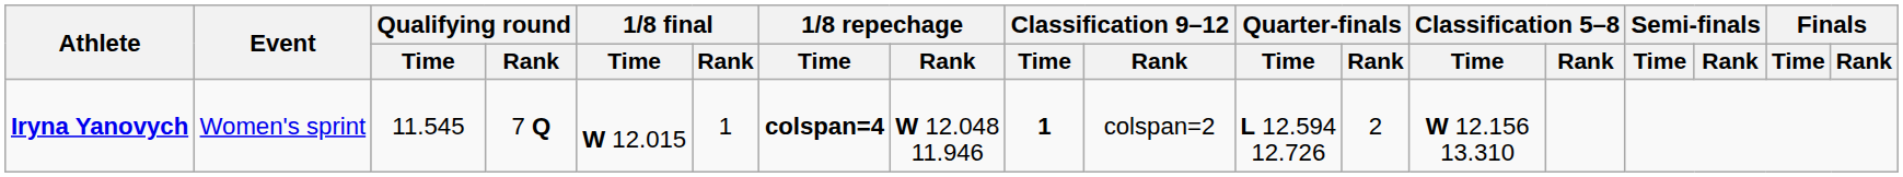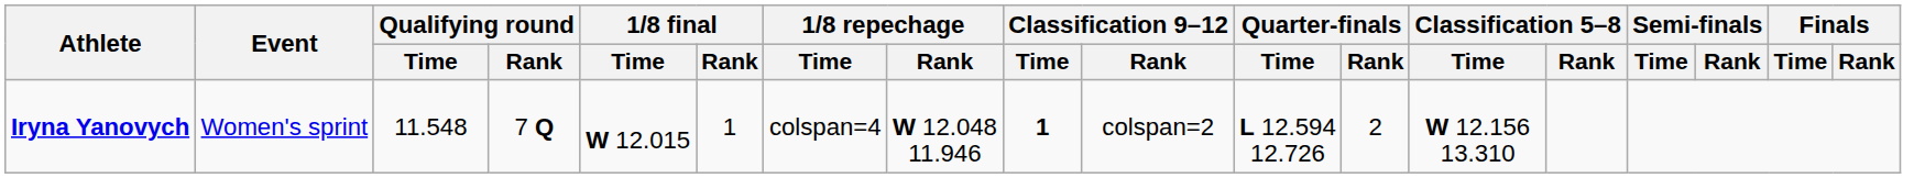 <table class=wikitable style="font-size:90%">
 <tr>
 <th rowspan="2">Athlete</th>
 <th rowspan="2">Event</th>
 <th colspan=2>Qualifying round</th>
 <th colspan=2>1/8 final</th>
 <th colspan=2>1/8 repechage</th>
 <th colspan=2>Classification 9–12</th>
 <th colspan=2>Quarter-finals</th>
 <th colspan=2>Classification 5–8</th>
 <th colspan=2>Semi-finals</th>
 <th colspan=2>Finals</th>
 </tr>
 <tr style="font-size:95%">
 <th>Time</th>
 <th>Rank</th>
 <th>Time</th>
 <th>Rank</th>
 <th>Time</th>
 <th>Rank</th>
 <th>Time</th>
 <th>Rank</th>
 <th>Time</th>
 <th>Rank</th>
 <th>Time</th>
 <th>Rank</th>
 <th>Time</th>
 <th>Rank</th>
 <th>Time</th>
 <th>Rank</th>
 </tr>
 <tr align=center>
 <td align=left><strong><a href='#'>Iryna Yanovych</a></strong></td>
 <td align=left><a href='#'>Women's sprint</a></td>
-<td>11.545</td>
+<td>11.548</td>
 <td>7 <strong>Q</strong></td>
 <td><br><strong>W</strong> 12.015</td>
 <td>1</td>
-<td><strong>colspan=4 </strong></td>
+<td>colspan=4 </td>
 <td><br><strong>W</strong> 12.048<br>11.946</td>
 <td><strong>1</strong></td>
 <td>colspan=2 </td>
 <td><br><strong>L</strong> 12.594<br>12.726</td>
 <td>2</td>
 <td><br><strong>W</strong> 12.156<br>13.310</td>
 <td></td>
 </tr>
 </table>
